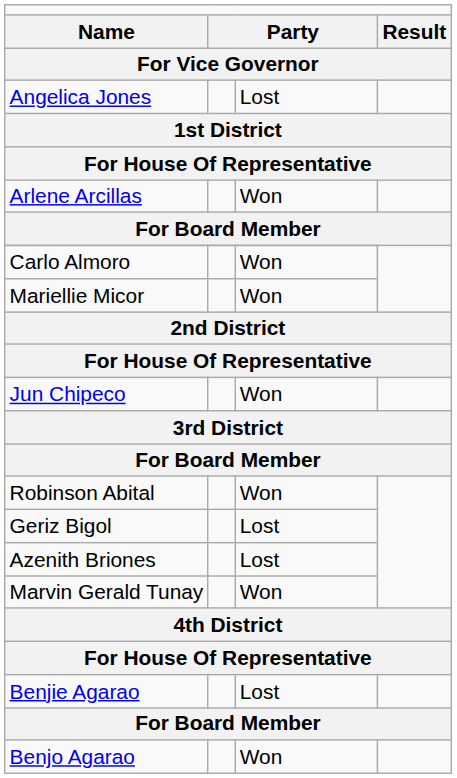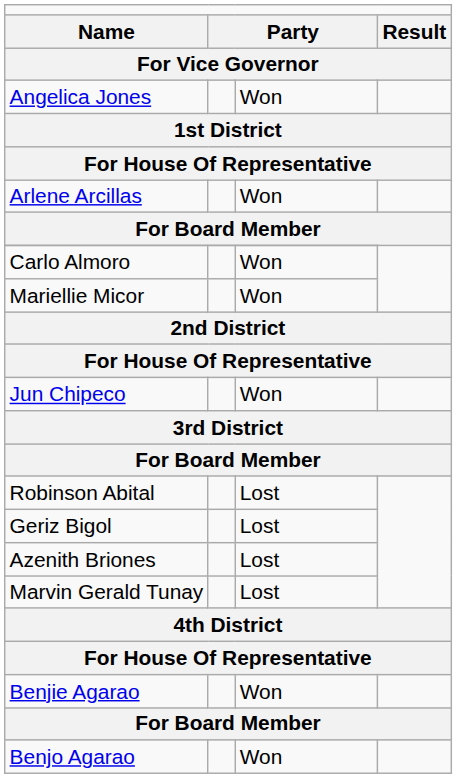 <table class="wikitable" style="font-size:90%">
 <tr>
 <td colspan="5" style="color:inherit;background:"></td>
 </tr>
 <tr>
 <th !width=150px>Name</th>
 <th colspan=2 width=110px>Party</th>
 <th>Result</th>
 </tr>
 <tr>
 <th colspan="5">For Vice Governor</th>
 </tr>
 <tr>
 <td><a href='#'>Angelica Jones</a></td>
 <td></td>
-<td>Lost</td>
+<td>Won</td>
 </tr>
 <tr>
 <th colspan="5">1st District</th>
 </tr>
 <tr>
 <th colspan="5">For House Of Representative</th>
 </tr>
 <tr>
 <td><a href='#'>Arlene Arcillas</a></td>
 <td></td>
 <td>Won</td>
 </tr>
 <tr>
 <th colspan="5">For Board Member</th>
 </tr>
 <tr>
 </tr>
 <tr>
 <td>Carlo Almoro</td>
 <td></td>
 <td>Won</td>
 </tr>
 <tr>
 <td>Mariellie Micor</td>
 <td></td>
 <td>Won</td>
 </tr>
 <tr>
 <th colspan="5">2nd District</th>
 </tr>
 <tr>
 <th colspan="5">For House Of Representative</th>
 </tr>
 <tr>
 <td><a href='#'>Jun Chipeco</a></td>
 <td></td>
 <td>Won</td>
 </tr>
 <tr>
 <th colspan="5">3rd District</th>
 </tr>
 <tr>
 <th colspan="5">For Board Member</th>
 </tr>
 <tr>
 <td>Robinson Abital</td>
 <td></td>
-<td>Won</td>
+<td>Lost</td>
 </tr>
 <tr>
 <td>Geriz Bigol</td>
 <td></td>
 <td>Lost</td>
 </tr>
 <tr>
 <td>Azenith Briones</td>
 <td></td>
 <td>Lost</td>
 </tr>
 <tr>
 <td>Marvin Gerald Tunay</td>
 <td></td>
-<td>Won</td>
+<td>Lost</td>
 </tr>
 <tr>
 <th colspan="5">4th District</th>
 </tr>
 <tr>
 <th colspan="5">For House Of Representative</th>
 </tr>
 <tr>
 <td><a href='#'>Benjie Agarao</a></td>
 <td></td>
-<td>Lost</td>
+<td>Won</td>
 </tr>
 <tr>
 <th colspan="5">For Board Member</th>
 </tr>
 <tr>
 <td><a href='#'>Benjo Agarao</a></td>
 <td></td>
 <td>Won</td>
 </tr>
 </table>
